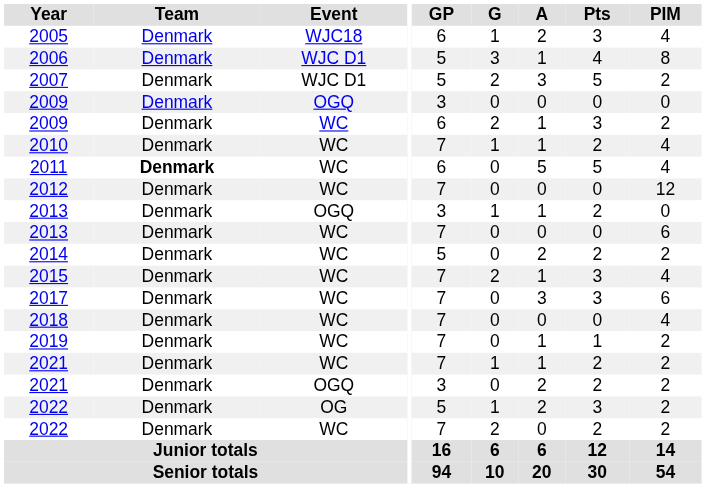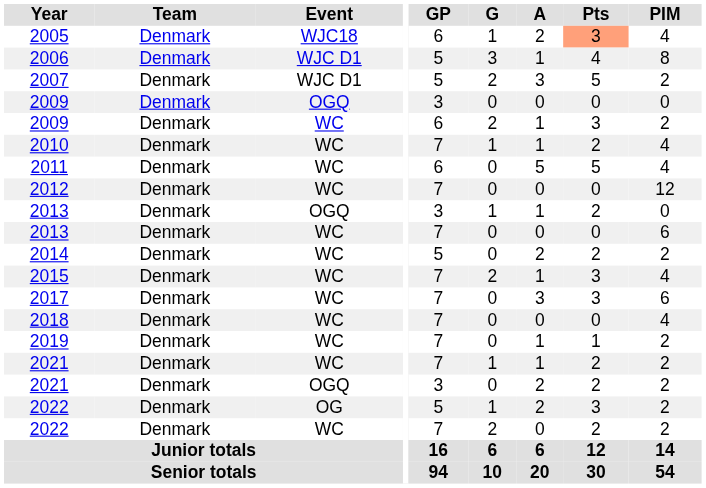 <table border="0" cellpadding="1" cellspacing="0" ID="Table3" style="text-align:center; width:40em">
 <tr ALIGN="center" bgcolor="#e0e0e0">
 <th>Year</th>
 <th>Team</th>
 <th>Event</th>
 <th rowspan="99" bgcolor="#ffffff"></th>
 <th>GP</th>
 <th>G</th>
 <th>A</th>
 <th>Pts</th>
 <th>PIM</th>
 </tr>
 <tr>
 <td><a href='#'>2005</a></td>
 <td><a href='#'>Denmark</a></td>
 <td><a href='#'>WJC18</a></td>
 <td>6</td>
 <td>1</td>
 <td>2</td>
-<td>3</td>
+<td style="background: lightsalmon;">3</td>
 <td>4</td>
 </tr>
 <tr bgcolor="#f0f0f0">
 <td><a href='#'>2006</a></td>
 <td><a href='#'>Denmark</a></td>
 <td><a href='#'>WJC D1</a></td>
 <td>5</td>
 <td>3</td>
 <td>1</td>
 <td>4</td>
 <td>8</td>
 </tr>
 <tr>
 <td><a href='#'>2007</a></td>
 <td>Denmark</td>
 <td>WJC D1</td>
 <td>5</td>
 <td>2</td>
 <td>3</td>
 <td>5</td>
 <td>2</td>
 </tr>
 <tr bgcolor="#f0f0f0">
 <td><a href='#'>2009</a></td>
 <td><a href='#'>Denmark</a></td>
 <td><a href='#'>OGQ</a></td>
 <td>3</td>
 <td>0</td>
 <td>0</td>
 <td>0</td>
 <td>0</td>
 </tr>
 <tr>
 <td><a href='#'>2009</a></td>
 <td>Denmark</td>
 <td><a href='#'>WC</a></td>
 <td>6</td>
 <td>2</td>
 <td>1</td>
 <td>3</td>
 <td>2</td>
 </tr>
 <tr bgcolor="#f0f0f0">
 <td><a href='#'>2010</a></td>
 <td>Denmark</td>
 <td>WC</td>
 <td>7</td>
 <td>1</td>
 <td>1</td>
 <td>2</td>
 <td>4</td>
 </tr>
 <tr>
 <td><a href='#'>2011</a></td>
-<td><strong>Denmark</strong></td>
+<td>Denmark</td>
 <td>WC</td>
 <td>6</td>
 <td>0</td>
 <td>5</td>
 <td>5</td>
 <td>4</td>
 </tr>
 <tr bgcolor="#f0f0f0">
 <td><a href='#'>2012</a></td>
 <td>Denmark</td>
 <td>WC</td>
 <td>7</td>
 <td>0</td>
 <td>0</td>
 <td>0</td>
 <td>12</td>
 </tr>
 <tr>
 <td><a href='#'>2013</a></td>
 <td>Denmark</td>
 <td>OGQ</td>
 <td>3</td>
 <td>1</td>
 <td>1</td>
 <td>2</td>
 <td>0</td>
 </tr>
 <tr bgcolor="#f0f0f0">
 <td><a href='#'>2013</a></td>
 <td>Denmark</td>
 <td>WC</td>
 <td>7</td>
 <td>0</td>
 <td>0</td>
 <td>0</td>
 <td>6</td>
 </tr>
 <tr>
 <td><a href='#'>2014</a></td>
 <td>Denmark</td>
 <td>WC</td>
 <td>5</td>
 <td>0</td>
 <td>2</td>
 <td>2</td>
 <td>2</td>
 </tr>
 <tr bgcolor="#f0f0f0">
 <td><a href='#'>2015</a></td>
 <td>Denmark</td>
 <td>WC</td>
 <td>7</td>
 <td>2</td>
 <td>1</td>
 <td>3</td>
 <td>4</td>
 </tr>
 <tr>
 <td><a href='#'>2017</a></td>
 <td>Denmark</td>
 <td>WC</td>
 <td>7</td>
 <td>0</td>
 <td>3</td>
 <td>3</td>
 <td>6</td>
 </tr>
 <tr bgcolor="#f0f0f0">
 <td><a href='#'>2018</a></td>
 <td>Denmark</td>
 <td>WC</td>
 <td>7</td>
 <td>0</td>
 <td>0</td>
 <td>0</td>
 <td>4</td>
 </tr>
 <tr>
 <td><a href='#'>2019</a></td>
 <td>Denmark</td>
 <td>WC</td>
 <td>7</td>
 <td>0</td>
 <td>1</td>
 <td>1</td>
 <td>2</td>
 </tr>
 <tr bgcolor="#f0f0f0">
 <td><a href='#'>2021</a></td>
 <td>Denmark</td>
 <td>WC</td>
 <td>7</td>
 <td>1</td>
 <td>1</td>
 <td>2</td>
 <td>2</td>
 </tr>
 <tr>
 <td><a href='#'>2021</a></td>
 <td>Denmark</td>
 <td>OGQ</td>
 <td>3</td>
 <td>0</td>
 <td>2</td>
 <td>2</td>
 <td>2</td>
 </tr>
 <tr bgcolor="#f0f0f0">
 <td><a href='#'>2022</a></td>
 <td>Denmark</td>
 <td>OG</td>
 <td>5</td>
 <td>1</td>
 <td>2</td>
 <td>3</td>
 <td>2</td>
 </tr>
 <tr>
 <td><a href='#'>2022</a></td>
 <td>Denmark</td>
 <td>WC</td>
 <td>7</td>
 <td>2</td>
 <td>0</td>
 <td>2</td>
 <td>2</td>
 </tr>
 <tr bgcolor="#e0e0e0">
 <th colspan="3">Junior totals</th>
 <th>16</th>
 <th>6</th>
 <th>6</th>
 <th>12</th>
 <th>14</th>
 </tr>
 <tr bgcolor="#e0e0e0">
 <th colspan="3">Senior totals</th>
 <th>94</th>
 <th>10</th>
 <th>20</th>
 <th>30</th>
 <th>54</th>
 </tr>
 </table>
